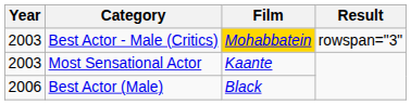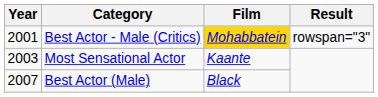 <table class="wikitable sortable">
 <tr>
 <th>Year</th>
 <th>Category</th>
 <th>Film</th>
 <th>Result</th>
 </tr>
 <tr>
-<td>2003</td>
+<td>2001</td>
 <td><a href='#'>Best Actor - Male (Critics)</a></td>
 <td style="background: gold;"><em><a href='#'>Mohabbatein</a></em></td>
 <td>rowspan="3" </td>
 </tr>
 <tr>
 <td>2003</td>
 <td><a href='#'>Most Sensational Actor</a></td>
 <td><em><a href='#'>Kaante</a></em></td>
 </tr>
 <tr>
-<td>2006</td>
+<td>2007</td>
 <td><a href='#'>Best Actor (Male)</a></td>
 <td><em><a href='#'>Black</a></em></td>
 </tr>
 </table>
